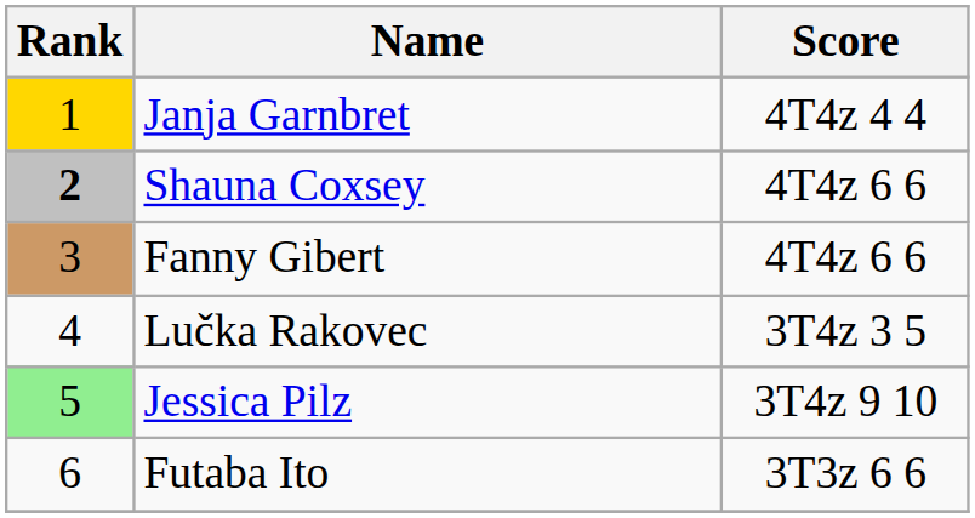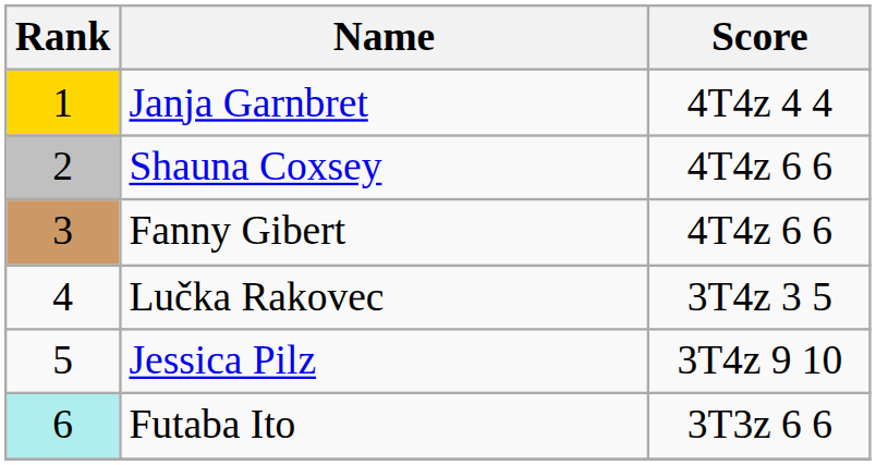 <table class="wikitable">
 <tr>
 <th>Rank</th>
 <th width = "200">Name</th>
 <th width = "80">Score</th>
 </tr>
 <tr>
 <td align="center" style="background: gold">1</td>
 <td> <a href='#'>Janja Garnbret</a></td>
 <td align="center">4T4z 4 4</td>
 </tr>
 <tr>
-<td align="center" style="background: silver"><strong>2</strong></td>
+<td align="center" style="background: silver">2</td>
 <td> <a href='#'>Shauna Coxsey</a></td>
 <td align="center">4T4z 6 6</td>
 </tr>
 <tr>
 <td align="center" style="background: #cc9966">3</td>
 <td> Fanny Gibert</td>
 <td align="center">4T4z 6 6</td>
 </tr>
 <tr>
 <td align="center">4</td>
 <td> Lučka Rakovec</td>
 <td align="center">3T4z 3 5</td>
 </tr>
 <tr>
-<td align="center" style="background: lightgreen;">5</td>
+<td align="center">5</td>
 <td> <a href='#'>Jessica Pilz</a></td>
 <td align="center">3T4z 9 10</td>
 </tr>
 <tr>
-<td align="center">6</td>
+<td align="center" style="background: paleturquoise;">6</td>
 <td> Futaba Ito</td>
 <td align="center">3T3z 6 6</td>
 </tr>
 <tr>
 </tr>
 </table>
